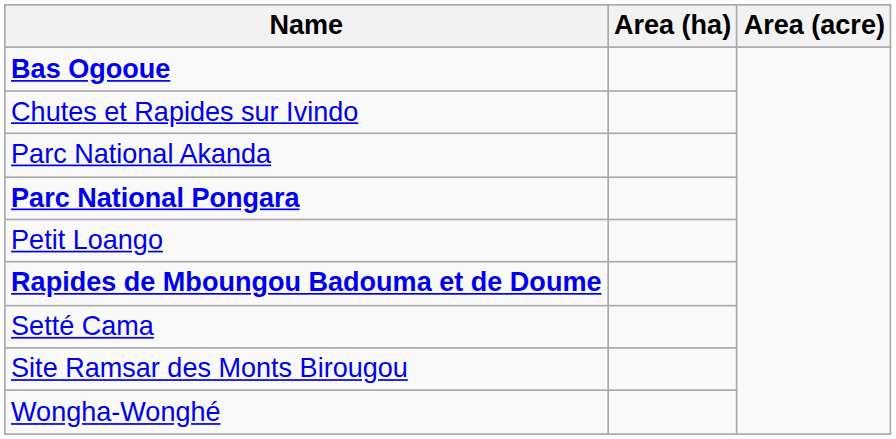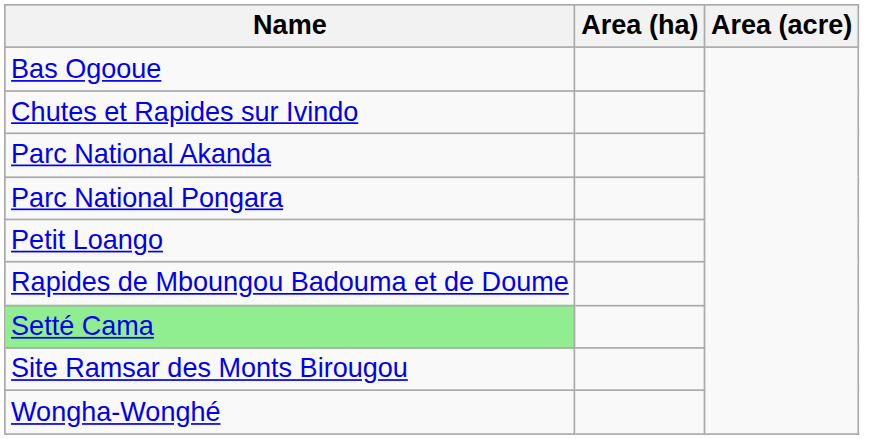 <table class="wikitable sortable">
 <tr>
 <th scope="col" align=left>Name</th>
 <th scope="col">Area (ha)</th>
 <th scope="col">Area (acre)</th>
 </tr>
 <tr ---->
-<td><strong><a href='#'>Bas Ogooue</a></strong></td>
+<td><a href='#'>Bas Ogooue</a></td>
 <td></td>
 </tr>
 <tr ---->
 <td><a href='#'>Chutes et Rapides sur Ivindo</a></td>
 <td></td>
 </tr>
 <tr ---->
 <td><a href='#'>Parc National Akanda</a></td>
 <td></td>
 </tr>
 <tr ---->
-<td><strong><a href='#'>Parc National Pongara</a></strong></td>
+<td><a href='#'>Parc National Pongara</a></td>
 <td></td>
 </tr>
 <tr ---->
 <td><a href='#'>Petit Loango</a></td>
 <td></td>
 </tr>
 <tr ---->
-<td><strong><a href='#'>Rapides de Mboungou Badouma et de Doume</a></strong></td>
+<td><a href='#'>Rapides de Mboungou Badouma et de Doume</a></td>
 <td></td>
 </tr>
 <tr ---->
-<td><a href='#'>Setté Cama</a></td>
+<td style="background: lightgreen;"><a href='#'>Setté Cama</a></td>
 <td></td>
 </tr>
 <tr ---->
 <td><a href='#'>Site Ramsar des Monts Birougou</a></td>
 <td></td>
 </tr>
 <tr ---->
 <td><a href='#'>Wongha-Wonghé</a></td>
 <td></td>
 </tr>
 </table>
